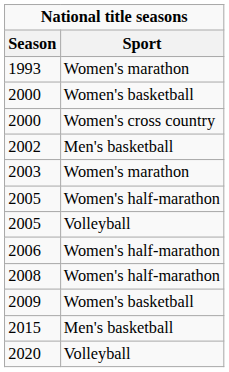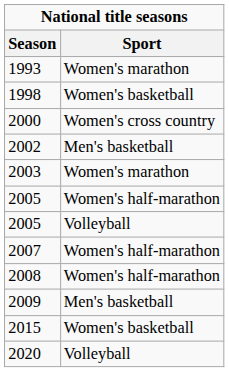 <table class="wikitable">
 <tr align="center">
 <td colspan="2"><strong>National title seasons</strong></td>
 </tr>
 <tr>
 <th>Season</th>
 <th>Sport</th>
 </tr>
 <tr>
 <td>1993</td>
 <td>Women's marathon</td>
 </tr>
 <tr>
-<td>2000</td>
+<td>1998</td>
 <td>Women's basketball</td>
 </tr>
 <tr>
 <td>2000</td>
 <td>Women's cross country</td>
 </tr>
 <tr>
 <td>2002</td>
 <td>Men's basketball</td>
 </tr>
 <tr>
 <td>2003</td>
 <td>Women's marathon</td>
 </tr>
 <tr>
 <td>2005</td>
 <td>Women's half-marathon</td>
 </tr>
 <tr>
 <td>2005</td>
 <td>Volleyball</td>
 </tr>
 <tr>
-<td>2006</td>
+<td>2007</td>
 <td>Women's half-marathon</td>
 </tr>
 <tr>
 <td>2008</td>
 <td>Women's half-marathon</td>
 </tr>
 <tr>
 <td>2009</td>
-<td>Women's basketball</td>
+<td>Men's basketball</td>
 </tr>
 <tr>
 <td>2015</td>
-<td>Men's basketball</td>
+<td>Women's basketball</td>
 </tr>
 <tr>
 <td>2020</td>
 <td>Volleyball</td>
 </tr>
 </table>
